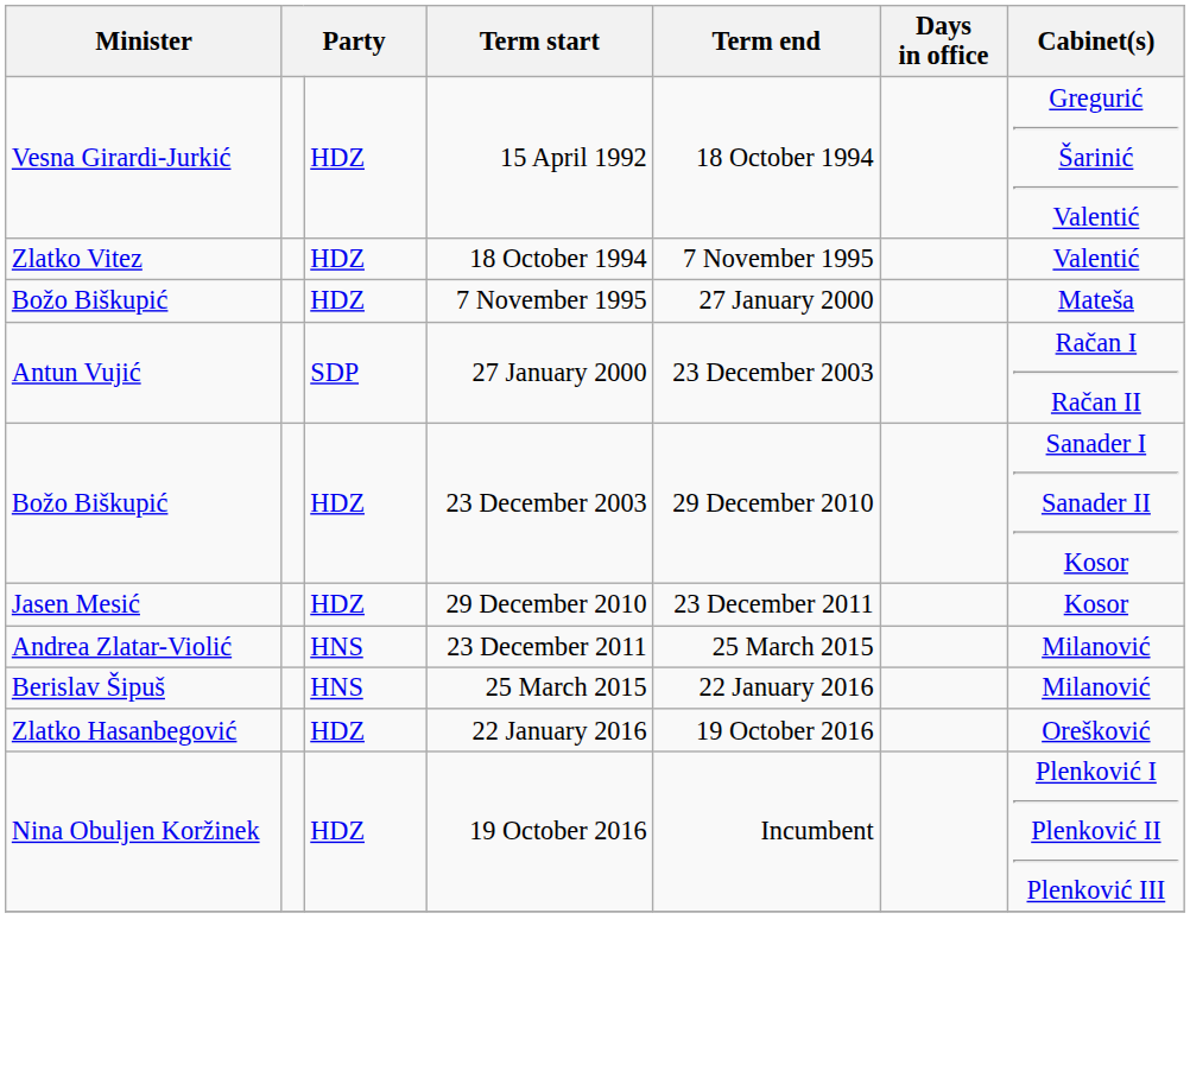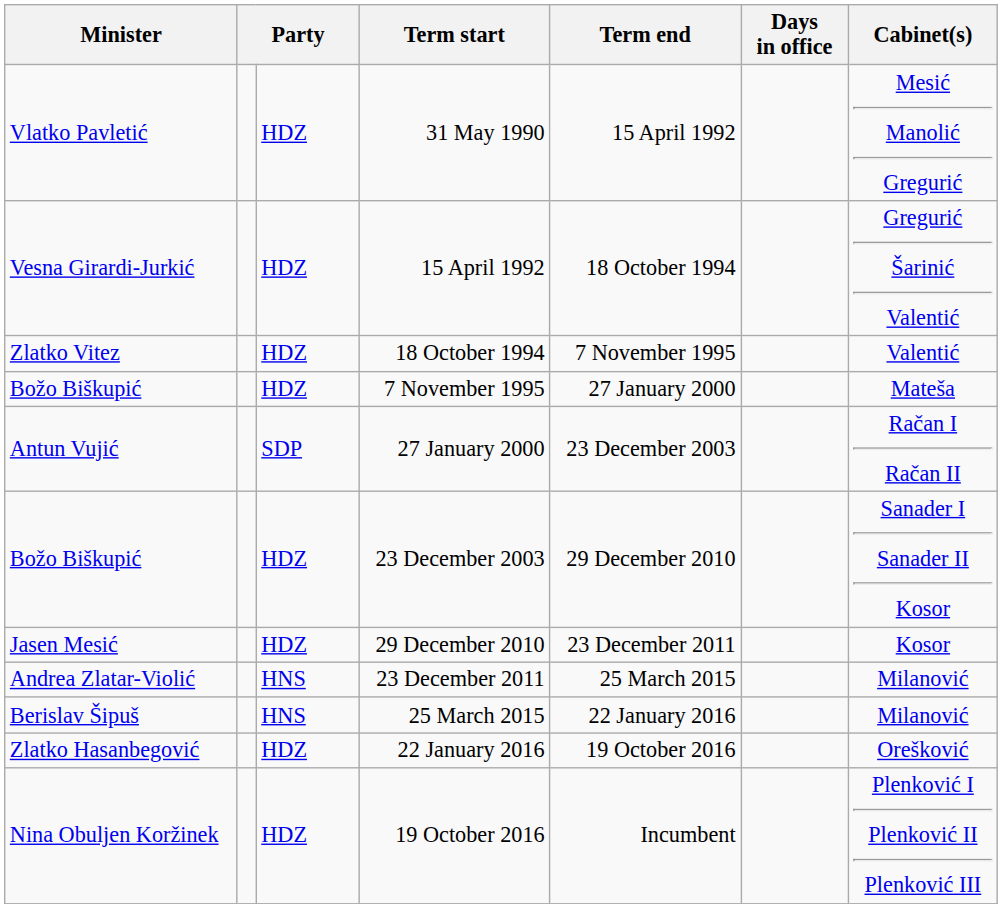 <table class="wikitable" style="text-align: left;">
 <tr>
 <th width="160">Minister</th>
 <th colspan=2 width="80">Party</th>
 <th width="130">Term start</th>
 <th width="130">Term end</th>
 <th width=70>Days<br> in office</th>
 <th width="100">Cabinet(s)</th>
+</tr>
+<tr>
+<td><a href='#'>Vlatko Pavletić</a> </td>
+<td style="background-color: "></td>
+<td><a href='#'>HDZ</a></td>
+<td align=right>31 May 1990</td>
+<td align=right>15 April 1992</td>
+<td align=right></td>
+<td align=center><a href='#'>Mesić</a><hr><a href='#'>Manolić</a><hr><a href='#'>Gregurić</a></td>
 </tr>
 <tr>
 <td><a href='#'>Vesna Girardi-Jurkić</a> </td>
 <td style="background-color: "></td>
 <td><a href='#'>HDZ</a></td>
 <td align=right>15 April 1992</td>
 <td align=right>18 October 1994</td>
 <td align=right></td>
 <td align=center><a href='#'>Gregurić</a><hr><a href='#'>Šarinić</a><hr><a href='#'>Valentić</a></td>
 </tr>
 <tr>
 <td><a href='#'>Zlatko Vitez</a></td>
 <td style="background-color: "></td>
 <td><a href='#'>HDZ</a></td>
 <td align=right>18 October 1994</td>
 <td align=right>7 November 1995</td>
 <td align=right></td>
 <td align=center><a href='#'>Valentić</a></td>
 </tr>
 <tr>
 <td><a href='#'>Božo Biškupić</a></td>
 <td style="background-color: "></td>
 <td><a href='#'>HDZ</a></td>
 <td align=right>7 November 1995</td>
 <td align=right>27 January 2000</td>
 <td align=right></td>
 <td align=center><a href='#'>Mateša</a></td>
 </tr>
 <tr>
 <td><a href='#'>Antun Vujić</a></td>
 <td style="background-color: "></td>
 <td><a href='#'>SDP</a></td>
 <td align=right>27 January 2000</td>
 <td align=right>23 December 2003</td>
 <td align=right></td>
 <td align=center><a href='#'>Račan I</a><hr><a href='#'>Račan II</a></td>
 </tr>
 <tr>
 <td><a href='#'>Božo Biškupić</a> </td>
 <td style="background-color: "></td>
 <td><a href='#'>HDZ</a></td>
 <td align=right>23 December 2003</td>
 <td align=right>29 December 2010</td>
 <td align=right></td>
 <td align=center><a href='#'>Sanader I</a><hr><a href='#'>Sanader II</a><hr><a href='#'>Kosor</a></td>
 </tr>
 <tr>
 <td><a href='#'>Jasen Mesić</a></td>
 <td style="background-color: "></td>
 <td><a href='#'>HDZ</a></td>
 <td align=right>29 December 2010</td>
 <td align=right>23 December 2011</td>
 <td align=right></td>
 <td align=center><a href='#'>Kosor</a></td>
 </tr>
 <tr>
 <td><a href='#'>Andrea Zlatar-Violić</a></td>
 <td style="background-color: "></td>
 <td><a href='#'>HNS</a></td>
 <td align=right>23 December 2011</td>
 <td align=right>25 March 2015</td>
 <td align=right></td>
 <td align=center><a href='#'>Milanović</a></td>
 </tr>
 <tr>
 <td><a href='#'>Berislav Šipuš</a></td>
 <td style="background-color: "></td>
 <td><a href='#'>HNS</a></td>
 <td align=right>25 March 2015</td>
 <td align=right>22 January 2016</td>
 <td align=right></td>
 <td align=center><a href='#'>Milanović</a></td>
 </tr>
 <tr>
 <td><a href='#'>Zlatko Hasanbegović</a></td>
 <td style="background-color: "></td>
 <td><a href='#'>HDZ</a></td>
 <td align=right>22 January 2016</td>
 <td align=right>19 October 2016</td>
 <td align=right></td>
 <td align=center><a href='#'>Orešković</a></td>
 </tr>
 <tr>
 <td><a href='#'>Nina Obuljen Koržinek</a> </td>
 <td style="background-color: "></td>
 <td><a href='#'>HDZ</a></td>
 <td align=right>19 October 2016</td>
 <td align=right>Incumbent</td>
 <td align=right></td>
 <td align=center><a href='#'>Plenković I</a><hr><a href='#'>Plenković II</a><hr><a href='#'>Plenković III</a></td>
 </tr>
 <tr>
 </tr>
 </table>
